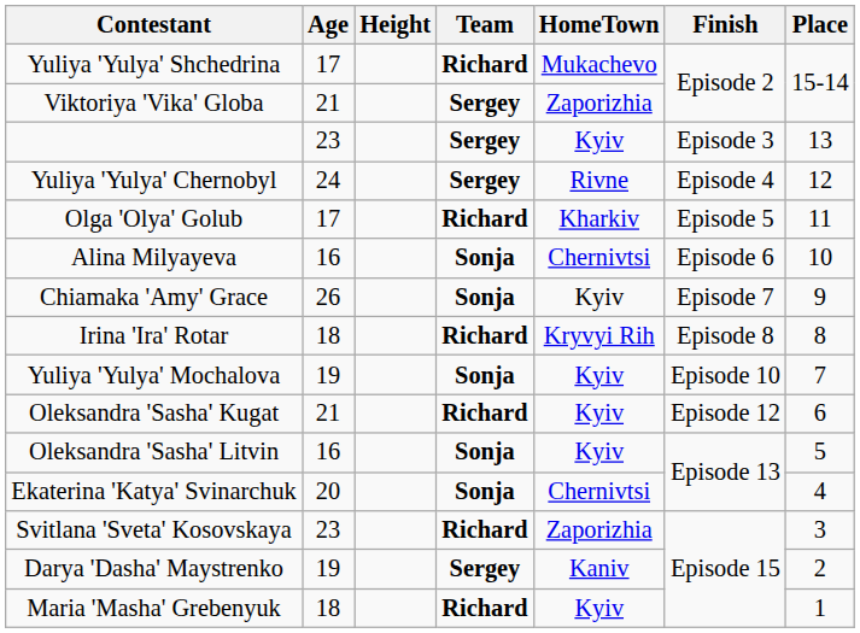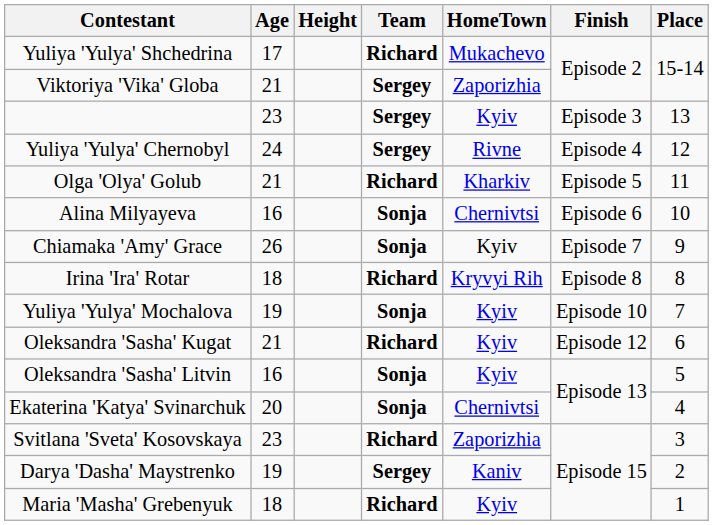 <table class="wikitable sortable" style="text-align:center;">
 <tr>
 <th>Contestant</th>
 <th>Age</th>
 <th>Height</th>
 <th>Team</th>
 <th>HomeTown</th>
 <th>Finish</th>
 <th>Place</th>
 </tr>
 <tr>
 <td>Yuliya 'Yulya' Shchedrina</td>
 <td>17</td>
 <td></td>
 <td><strong><span>Richard</span></strong></td>
 <td><a href='#'>Mukachevo</a></td>
 <td rowspan="2">Episode 2</td>
 <td rowspan="2">15-14</td>
 </tr>
 <tr>
 <td>Viktoriya 'Vika' Globa</td>
 <td>21</td>
 <td></td>
 <td><strong><span>Sergey</span></strong></td>
 <td><a href='#'>Zaporizhia</a></td>
 </tr>
 <tr>
 <td></td>
 <td>23</td>
 <td></td>
 <td><strong><span>Sergey</span></strong></td>
 <td><a href='#'>Kyiv</a></td>
 <td>Episode 3</td>
 <td>13</td>
 </tr>
 <tr>
 <td>Yuliya 'Yulya' Chernobyl</td>
 <td>24</td>
 <td></td>
 <td><strong><span>Sergey</span></strong></td>
 <td><a href='#'>Rivne</a></td>
 <td>Episode 4</td>
 <td>12</td>
 </tr>
 <tr>
 <td>Olga 'Olya' Golub</td>
-<td>17</td>
+<td>21</td>
 <td></td>
 <td><strong><span>Richard</span></strong></td>
 <td><a href='#'>Kharkiv</a></td>
 <td>Episode 5</td>
 <td>11</td>
 </tr>
 <tr>
 <td>Alina Milyayeva</td>
 <td>16</td>
 <td></td>
 <td><strong><span>Sonja</span></strong></td>
 <td><a href='#'>Chernivtsi</a></td>
 <td>Episode 6</td>
 <td>10</td>
 </tr>
 <tr>
 <td>Chiamaka 'Amy' Grace</td>
 <td>26</td>
 <td></td>
 <td><strong><span>Sonja</span></strong></td>
 <td>Kyiv</td>
 <td>Episode 7</td>
 <td>9</td>
 </tr>
 <tr>
 <td>Irina 'Ira' Rotar</td>
 <td>18</td>
 <td></td>
 <td><strong><span>Richard</span></strong></td>
 <td><a href='#'>Kryvyi Rih</a></td>
 <td>Episode 8</td>
 <td>8</td>
 </tr>
 <tr>
 <td>Yuliya 'Yulya' Mochalova</td>
 <td>19</td>
 <td></td>
 <td><strong><span>Sonja</span></strong></td>
 <td><a href='#'>Kyiv</a></td>
 <td>Episode 10</td>
 <td>7</td>
 </tr>
 <tr>
 <td>Oleksandra 'Sasha' Kugat</td>
 <td>21</td>
 <td></td>
 <td><strong><span>Richard</span></strong></td>
 <td><a href='#'>Kyiv</a></td>
 <td>Episode 12</td>
 <td>6</td>
 </tr>
 <tr>
 <td>Oleksandra 'Sasha' Litvin</td>
 <td>16</td>
 <td></td>
 <td><strong><span>Sonja</span></strong></td>
 <td><a href='#'>Kyiv</a></td>
 <td rowspan="2">Episode 13</td>
 <td>5</td>
 </tr>
 <tr>
 <td>Ekaterina 'Katya' Svinarchuk</td>
 <td>20</td>
 <td></td>
 <td><strong><span>Sonja</span></strong></td>
 <td><a href='#'>Chernivtsi</a></td>
 <td>4</td>
 </tr>
 <tr>
 <td>Svitlana 'Sveta' Kosovskaya</td>
 <td>23</td>
 <td></td>
 <td><strong><span>Richard</span></strong></td>
 <td><a href='#'>Zaporizhia</a></td>
 <td rowspan="3">Episode 15</td>
 <td>3</td>
 </tr>
 <tr>
 <td>Darya 'Dasha' Maystrenko</td>
 <td>19</td>
 <td></td>
 <td><strong><span>Sergey</span></strong></td>
 <td><a href='#'>Kaniv</a></td>
 <td>2</td>
 </tr>
 <tr>
 <td>Maria 'Masha' Grebenyuk</td>
 <td>18</td>
 <td></td>
 <td><strong><span>Richard</span></strong></td>
 <td><a href='#'>Kyiv</a></td>
 <td>1</td>
 </tr>
 </table>
